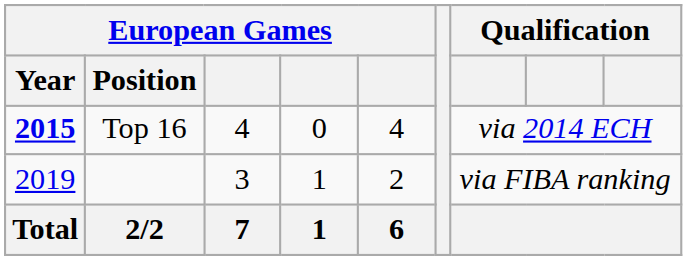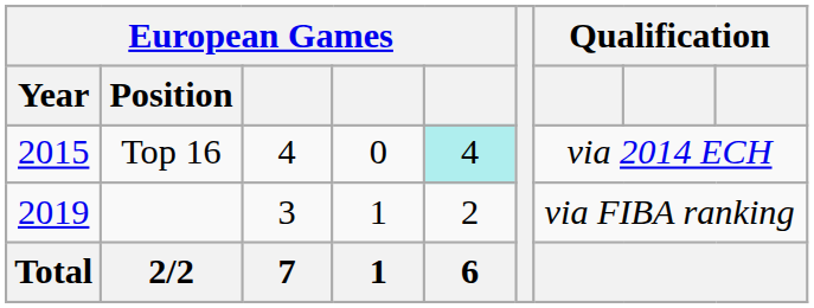 <table class="wikitable" style="text-align: center;font-size:90%;">
 <tr>
 <th colspan=5><a href='#'>European Games</a></th>
 <th rowspan=50></th>
 <th colspan=3>Qualification</th>
 </tr>
 <tr>
 <th>Year</th>
 <th>Position</th>
 <th width=30></th>
 <th width=30></th>
 <th width=30></th>
 <th width=30></th>
 <th width=30></th>
 <th width=30></th>
 </tr>
 <tr>
-<td><strong> <a href='#'>2015</a></strong></td>
+<td> <a href='#'>2015</a></td>
 <td>Top 16</td>
 <td>4</td>
 <td>0</td>
-<td>4</td>
+<td style="background: paleturquoise;">4</td>
 <td colspan=3><em>via <a href='#'>2014 ECH</a></em></td>
 </tr>
 <tr>
 <td> <a href='#'>2019</a></td>
 <td></td>
 <td>3</td>
 <td>1</td>
 <td>2</td>
 <td colspan=3><em>via FIBA ranking</em></td>
 </tr>
 <tr>
 <th>Total</th>
 <th>2/2</th>
 <th>7</th>
 <th>1</th>
 <th>6</th>
 <th colspan=3></th>
 </tr>
 </table>
